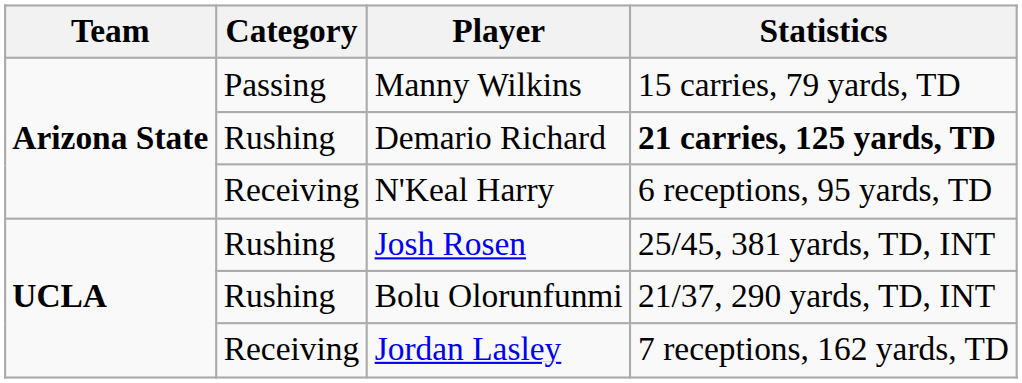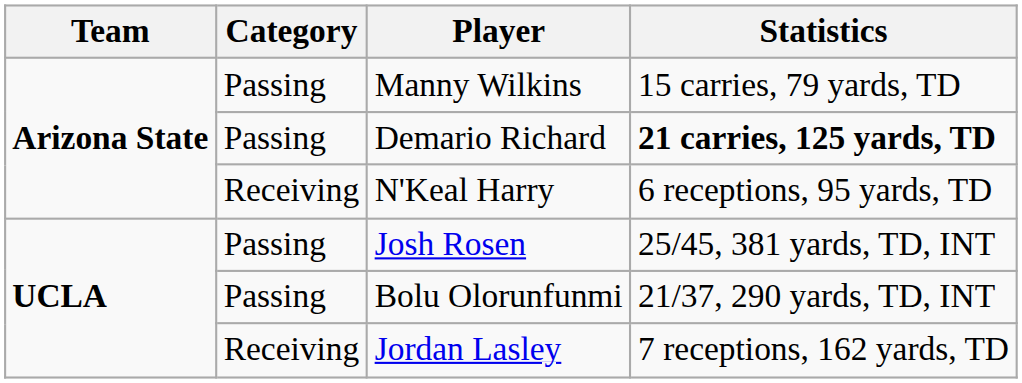 <table class="wikitable" style="float: right;">
 <tr>
 <th>Team</th>
 <th>Category</th>
 <th>Player</th>
 <th>Statistics</th>
 </tr>
 <tr>
 <td rowspan=3><strong>Arizona State</strong></td>
 <td>Passing</td>
 <td>Manny Wilkins</td>
 <td>15 carries, 79 yards, TD</td>
 </tr>
 <tr>
-<td>Rushing</td>
+<td>Passing</td>
 <td>Demario Richard</td>
 <td><strong>21 carries, 125 yards, TD</strong></td>
 </tr>
 <tr>
 <td>Receiving</td>
 <td>N'Keal Harry</td>
 <td>6 receptions, 95 yards, TD</td>
 </tr>
 <tr>
 <td rowspan=3><strong>UCLA</strong></td>
-<td>Rushing</td>
+<td>Passing</td>
 <td><a href='#'>Josh Rosen</a></td>
 <td>25/45, 381 yards, TD, INT</td>
 </tr>
 <tr>
-<td>Rushing</td>
+<td>Passing</td>
 <td>Bolu Olorunfunmi</td>
 <td>21/37, 290 yards, TD, INT</td>
 </tr>
 <tr>
 <td>Receiving</td>
 <td><a href='#'>Jordan Lasley</a></td>
 <td>7 receptions, 162 yards, TD</td>
 </tr>
 </table>
